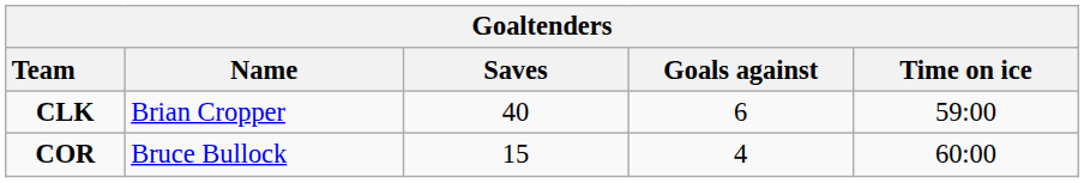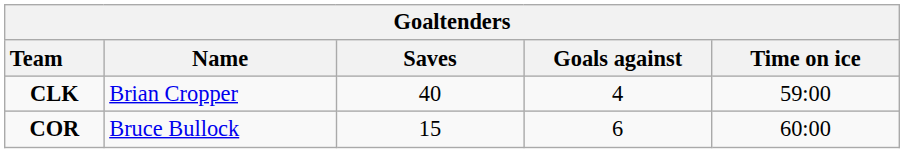 <table class="wikitable" style="width:40em; text-align:right;">
 <tr>
 <th colspan=5>Goaltenders</th>
 </tr>
 <tr>
 <th style="width:4em; text-align:left;">Team</th>
 <th style="width:10em;">Name</th>
 <th style="width:8em;">Saves</th>
 <th style="width:8em;">Goals against</th>
 <th style="width:8em;">Time on ice</th>
 </tr>
 <tr>
 <td align=center><strong>CLK</strong></td>
 <td style="text-align:left;"><a href='#'>Brian Cropper</a></td>
 <td align=center>40</td>
-<td align=center>6</td>
+<td align=center>4</td>
 <td align=center>59:00</td>
 </tr>
 <tr>
 <td align=center><strong>COR</strong></td>
 <td style="text-align:left;"><a href='#'>Bruce Bullock</a></td>
 <td align=center>15</td>
-<td align=center>4</td>
+<td align=center>6</td>
 <td align=center>60:00</td>
 </tr>
 </table>
